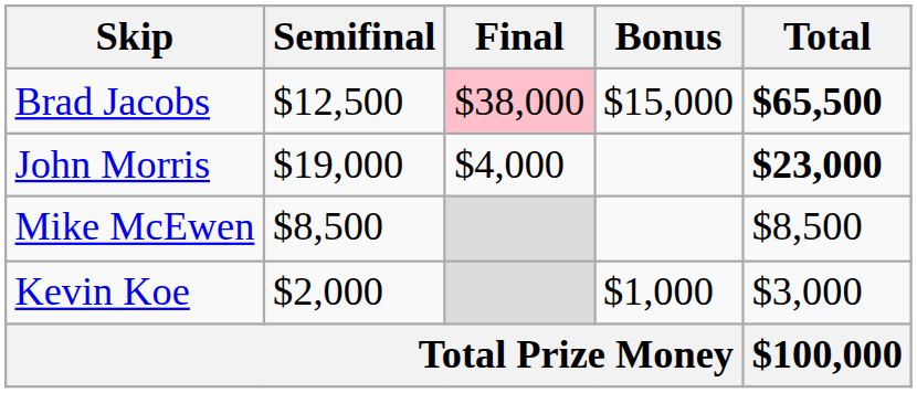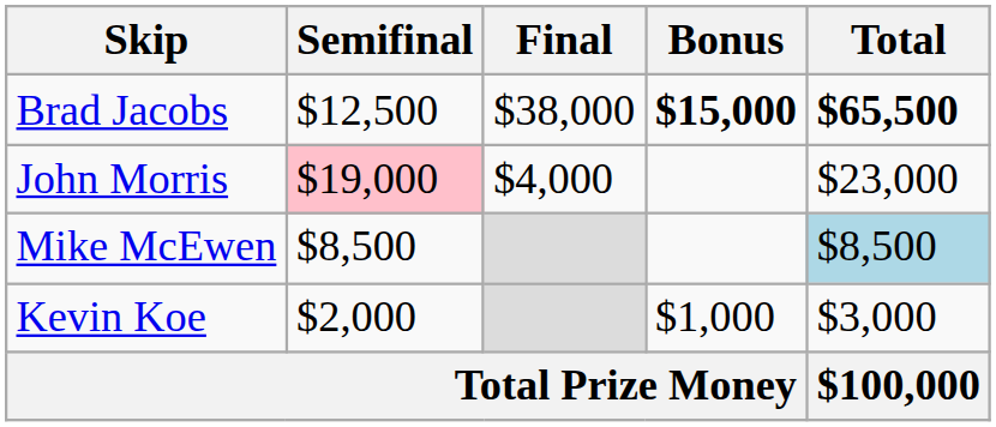 <table class="wikitable sortable">
 <tr>
 <th>Skip</th>
 <th>Semifinal</th>
 <th>Final</th>
 <th>Bonus</th>
 <th>Total</th>
 </tr>
 <tr>
 <td><a href='#'>Brad Jacobs</a></td>
 <td>$12,500</td>
-<td style="background: pink;">$38,000</td>
-<td>$15,000</td>
+<td>$38,000</td>
+<td><strong>$15,000</strong></td>
 <td><strong>$65,500</strong></td>
 </tr>
 <tr>
 <td><a href='#'>John Morris</a></td>
-<td>$19,000</td>
+<td style="background: pink;">$19,000</td>
 <td>$4,000</td>
 <td></td>
-<td><strong>$23,000</strong></td>
+<td>$23,000</td>
 </tr>
 <tr>
 <td><a href='#'>Mike McEwen</a></td>
 <td>$8,500</td>
 <td bgcolor=#DCDCDC></td>
 <td></td>
-<td>$8,500</td>
+<td style="background: lightblue;">$8,500</td>
 </tr>
 <tr>
 <td><a href='#'>Kevin Koe</a></td>
 <td>$2,000</td>
 <td bgcolor=#DCDCDC></td>
 <td>$1,000</td>
 <td>$3,000</td>
 </tr>
 <tr class=sortbottom>
 <th colspan=4 style="text-align:right;">Total Prize Money</th>
 <th>$100,000</th>
 </tr>
 </table>
